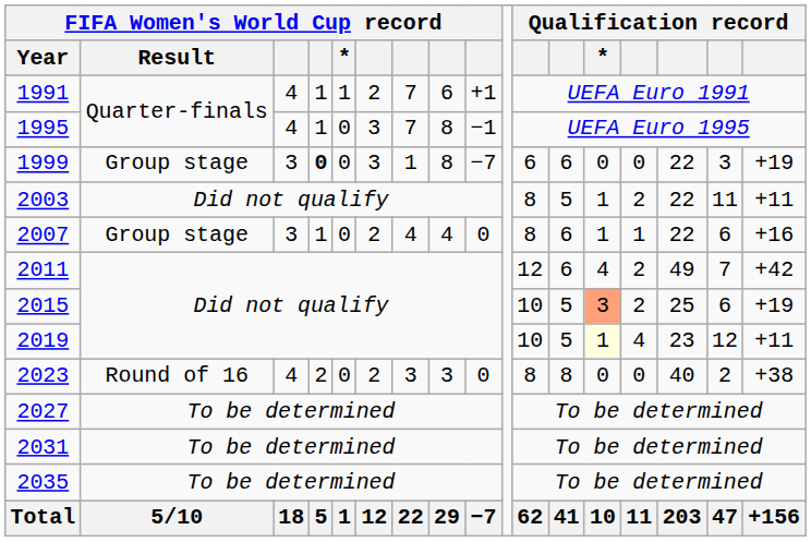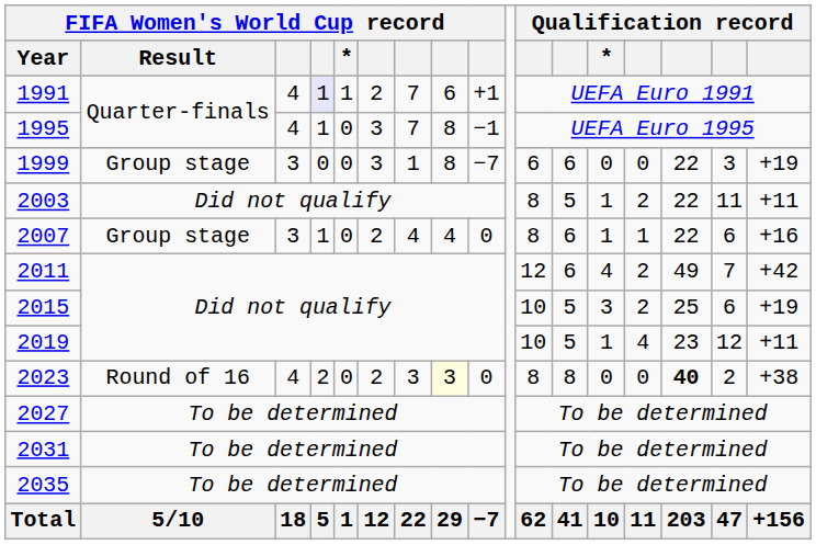 <table class="wikitable" style="text-align: center;">
 <tr>
 <th colspan=9><a href='#'>FIFA Women's World Cup</a> record</th>
 <td rowspan=15></td>
 <th colspan=7>Qualification record</th>
 </tr>
 <tr>
 <th>Year</th>
 <th>Result</th>
 <th></th>
 <th></th>
 <th>*</th>
 <th></th>
 <th></th>
 <th></th>
 <th></th>
 <th></th>
 <th></th>
 <th>*</th>
 <th></th>
 <th></th>
 <th></th>
 <th></th>
 </tr>
 <tr>
 <td> <a href='#'>1991</a></td>
 <td rowspan=2>Quarter-finals</td>
 <td>4</td>
-<td>1</td>
+<td style="background: lavender;">1</td>
 <td>1</td>
 <td>2</td>
 <td>7</td>
 <td>6</td>
 <td>+1</td>
 <td colspan=7><a href='#'><em>UEFA Euro 1991</em></a></td>
 </tr>
 <tr>
 <td> <a href='#'>1995</a></td>
 <td>4</td>
 <td>1</td>
 <td>0</td>
 <td>3</td>
 <td>7</td>
 <td>8</td>
 <td>−1</td>
 <td colspan=7><a href='#'><em>UEFA Euro 1995</em></a></td>
 </tr>
 <tr>
 <td> <a href='#'>1999</a></td>
 <td>Group stage</td>
 <td>3</td>
-<td><strong>0</strong></td>
+<td>0</td>
 <td>0</td>
 <td>3</td>
 <td>1</td>
 <td>8</td>
 <td>−7</td>
 <td>6</td>
 <td>6</td>
 <td>0</td>
 <td>0</td>
 <td>22</td>
 <td>3</td>
 <td>+19</td>
 </tr>
 <tr>
 <td> <a href='#'>2003</a></td>
 <td colspan=8><em>Did not qualify</em></td>
 <td>8</td>
 <td>5</td>
 <td>1</td>
 <td>2</td>
 <td>22</td>
 <td>11</td>
 <td>+11</td>
 </tr>
 <tr>
 <td> <a href='#'>2007</a></td>
 <td>Group stage</td>
 <td>3</td>
 <td>1</td>
 <td>0</td>
 <td>2</td>
 <td>4</td>
 <td>4</td>
 <td>0</td>
 <td>8</td>
 <td>6</td>
 <td>1</td>
 <td>1</td>
 <td>22</td>
 <td>6</td>
 <td>+16</td>
 </tr>
 <tr>
 <td> <a href='#'>2011</a></td>
 <td colspan=8 rowspan=3><em>Did not qualify</em></td>
 <td>12</td>
 <td>6</td>
 <td>4</td>
 <td>2</td>
 <td>49</td>
 <td>7</td>
 <td>+42</td>
 </tr>
 <tr>
 <td> <a href='#'>2015</a></td>
 <td>10</td>
 <td>5</td>
-<td style="background: lightsalmon;">3</td>
+<td>3</td>
 <td>2</td>
 <td>25</td>
 <td>6</td>
 <td>+19</td>
 </tr>
 <tr>
 <td> <a href='#'>2019</a></td>
 <td>10</td>
 <td>5</td>
-<td style="background: lightyellow;">1</td>
+<td>1</td>
 <td>4</td>
 <td>23</td>
 <td>12</td>
 <td>+11</td>
 </tr>
 <tr>
 <td> <a href='#'>2023</a></td>
 <td>Round of 16</td>
 <td>4</td>
 <td>2</td>
 <td>0</td>
 <td>2</td>
 <td>3</td>
-<td>3</td>
+<td style="background: lightyellow;">3</td>
 <td>0</td>
 <td>8</td>
 <td>8</td>
 <td>0</td>
 <td>0</td>
-<td>40</td>
+<td><strong>40</strong></td>
 <td>2</td>
 <td>+38</td>
 </tr>
 <tr>
 <td> <a href='#'>2027</a></td>
 <td colspan=8><em>To be determined</em></td>
 <td colspan=7><em>To be determined</em></td>
 </tr>
 <tr>
 <td> <a href='#'>2031</a></td>
 <td colspan=8><em>To be determined</em></td>
 <td colspan=7><em>To be determined</em></td>
 </tr>
 <tr>
 <td> <a href='#'>2035</a></td>
 <td colspan=8><em>To be determined</em></td>
 <td colspan=7><em>To be determined</em></td>
 </tr>
 <tr>
 <th>Total</th>
 <th>5/10</th>
 <th>18</th>
 <th>5</th>
 <th>1</th>
 <th>12</th>
 <th>22</th>
 <th>29</th>
 <th>−7</th>
 <th>62</th>
 <th>41</th>
 <th>10</th>
 <th>11</th>
 <th>203</th>
 <th>47</th>
 <th>+156</th>
 </tr>
 </table>
